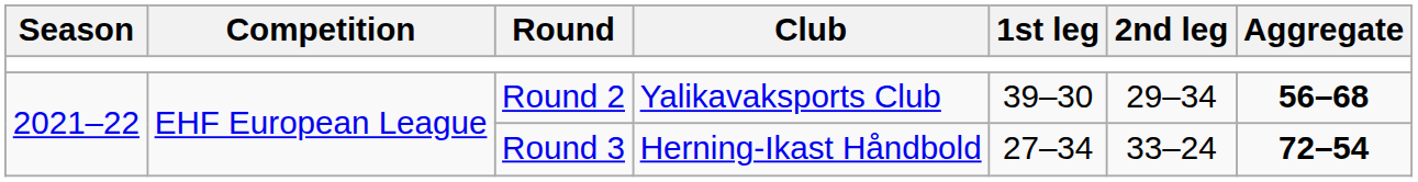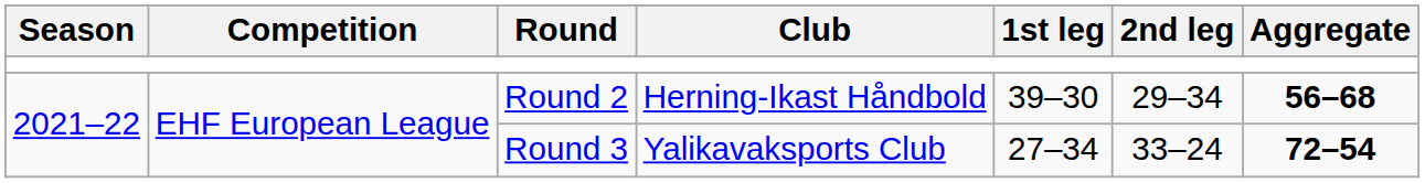 <table class="wikitable">
 <tr>
 <th>Season</th>
 <th>Competition</th>
 <th>Round</th>
 <th>Club</th>
 <th>1st leg</th>
 <th>2nd leg</th>
 <th>Aggregate</th>
 </tr>
 <tr>
 <td colspan="7" bgcolor=white></td>
 </tr>
 <tr>
 <td rowspan=2><a href='#'>2021–22</a></td>
 <td rowspan=2><a href='#'>EHF European League</a></td>
 <td rowspan=1 style="text-align:center;"><a href='#'>Round 2</a></td>
-<td> <a href='#'>Yalikavaksports Club</a></td>
+<td> <a href='#'>Herning-Ikast Håndbold</a></td>
 <td style="text-align:center;">39–30</td>
 <td style="text-align:center;">29–34</td>
 <td style="text-align:center;"><strong>56–68</strong></td>
 </tr>
 <tr>
 <td rowspan=1 style="text-align:center;"><a href='#'>Round 3</a></td>
-<td> <a href='#'>Herning-Ikast Håndbold</a></td>
+<td> <a href='#'>Yalikavaksports Club</a></td>
 <td style="text-align:center;">27–34</td>
 <td style="text-align:center;">33–24</td>
 <td style="text-align:center;"><strong>72–54</strong></td>
 </tr>
 </table>
